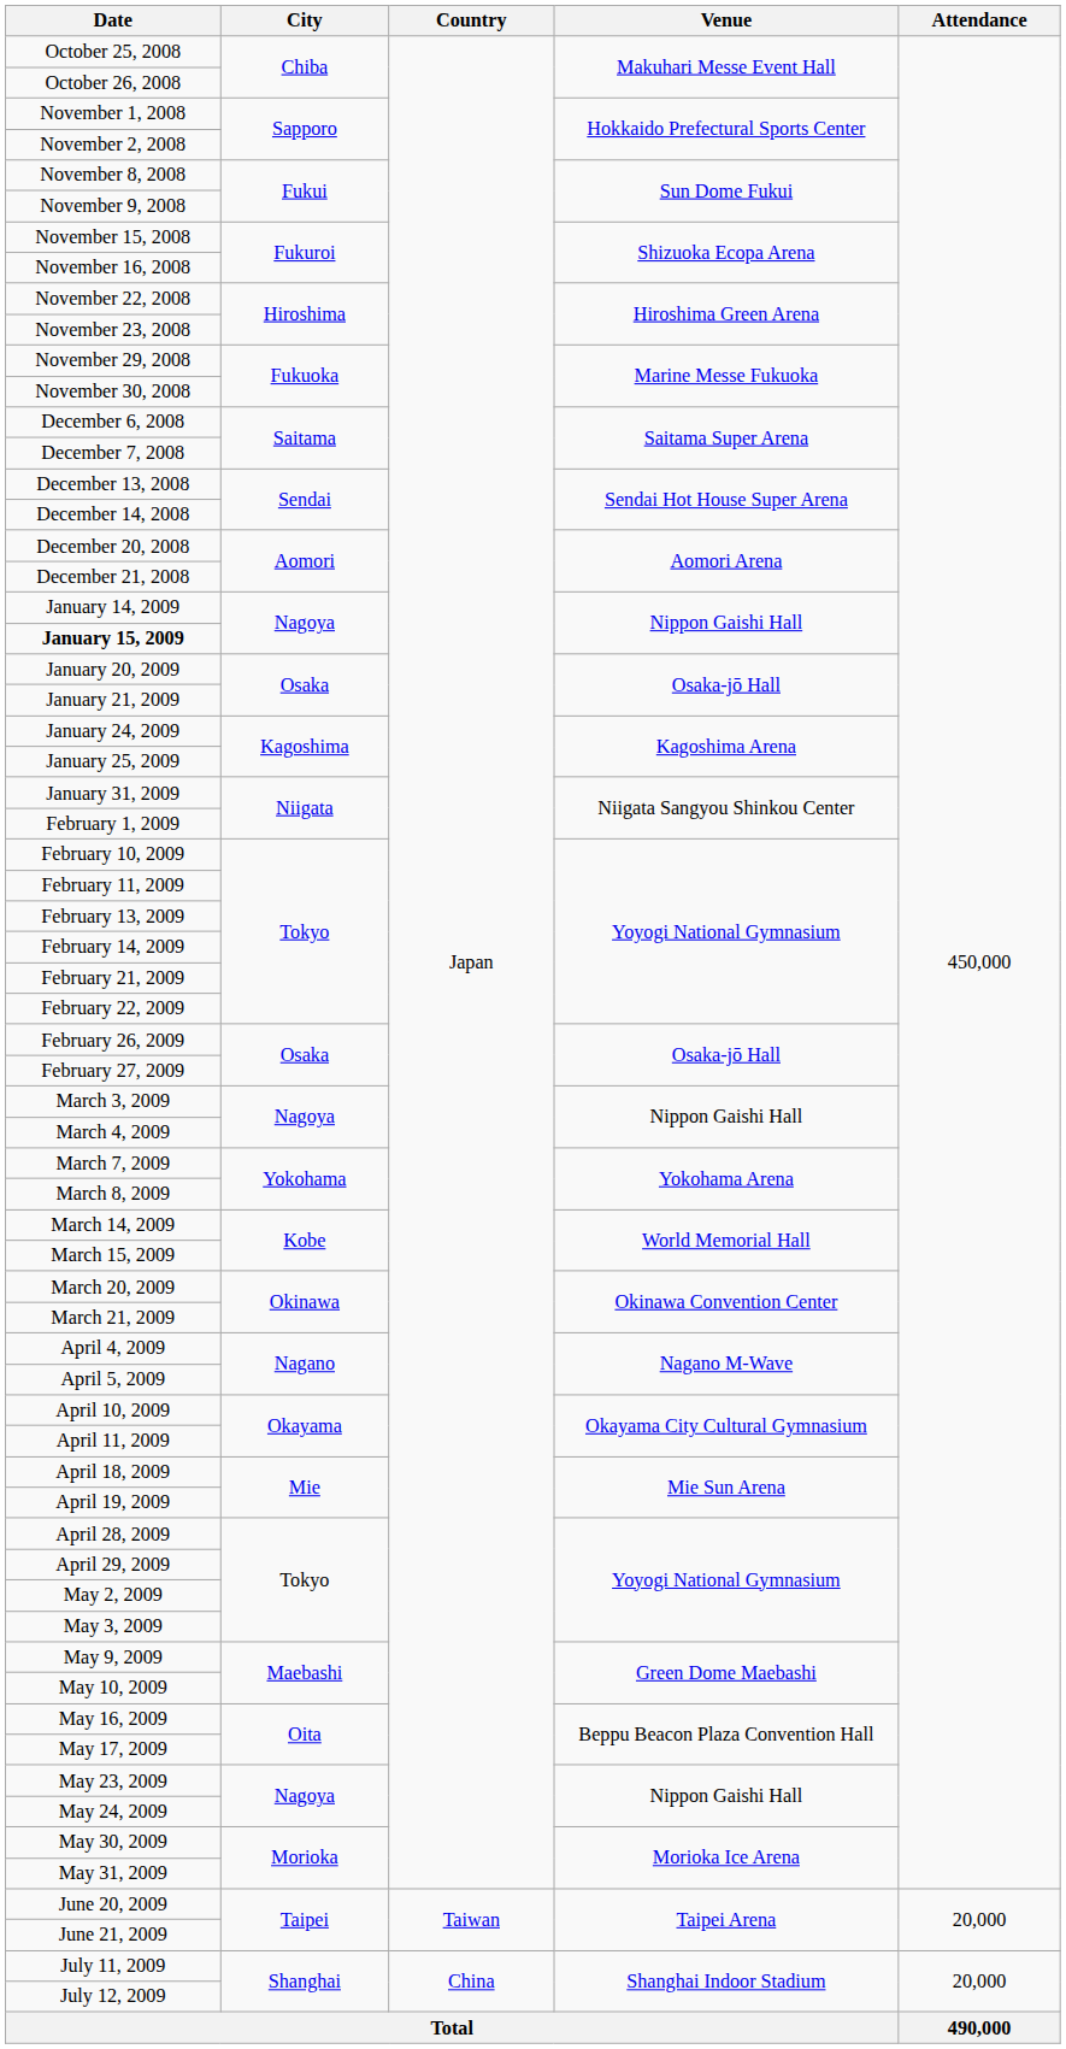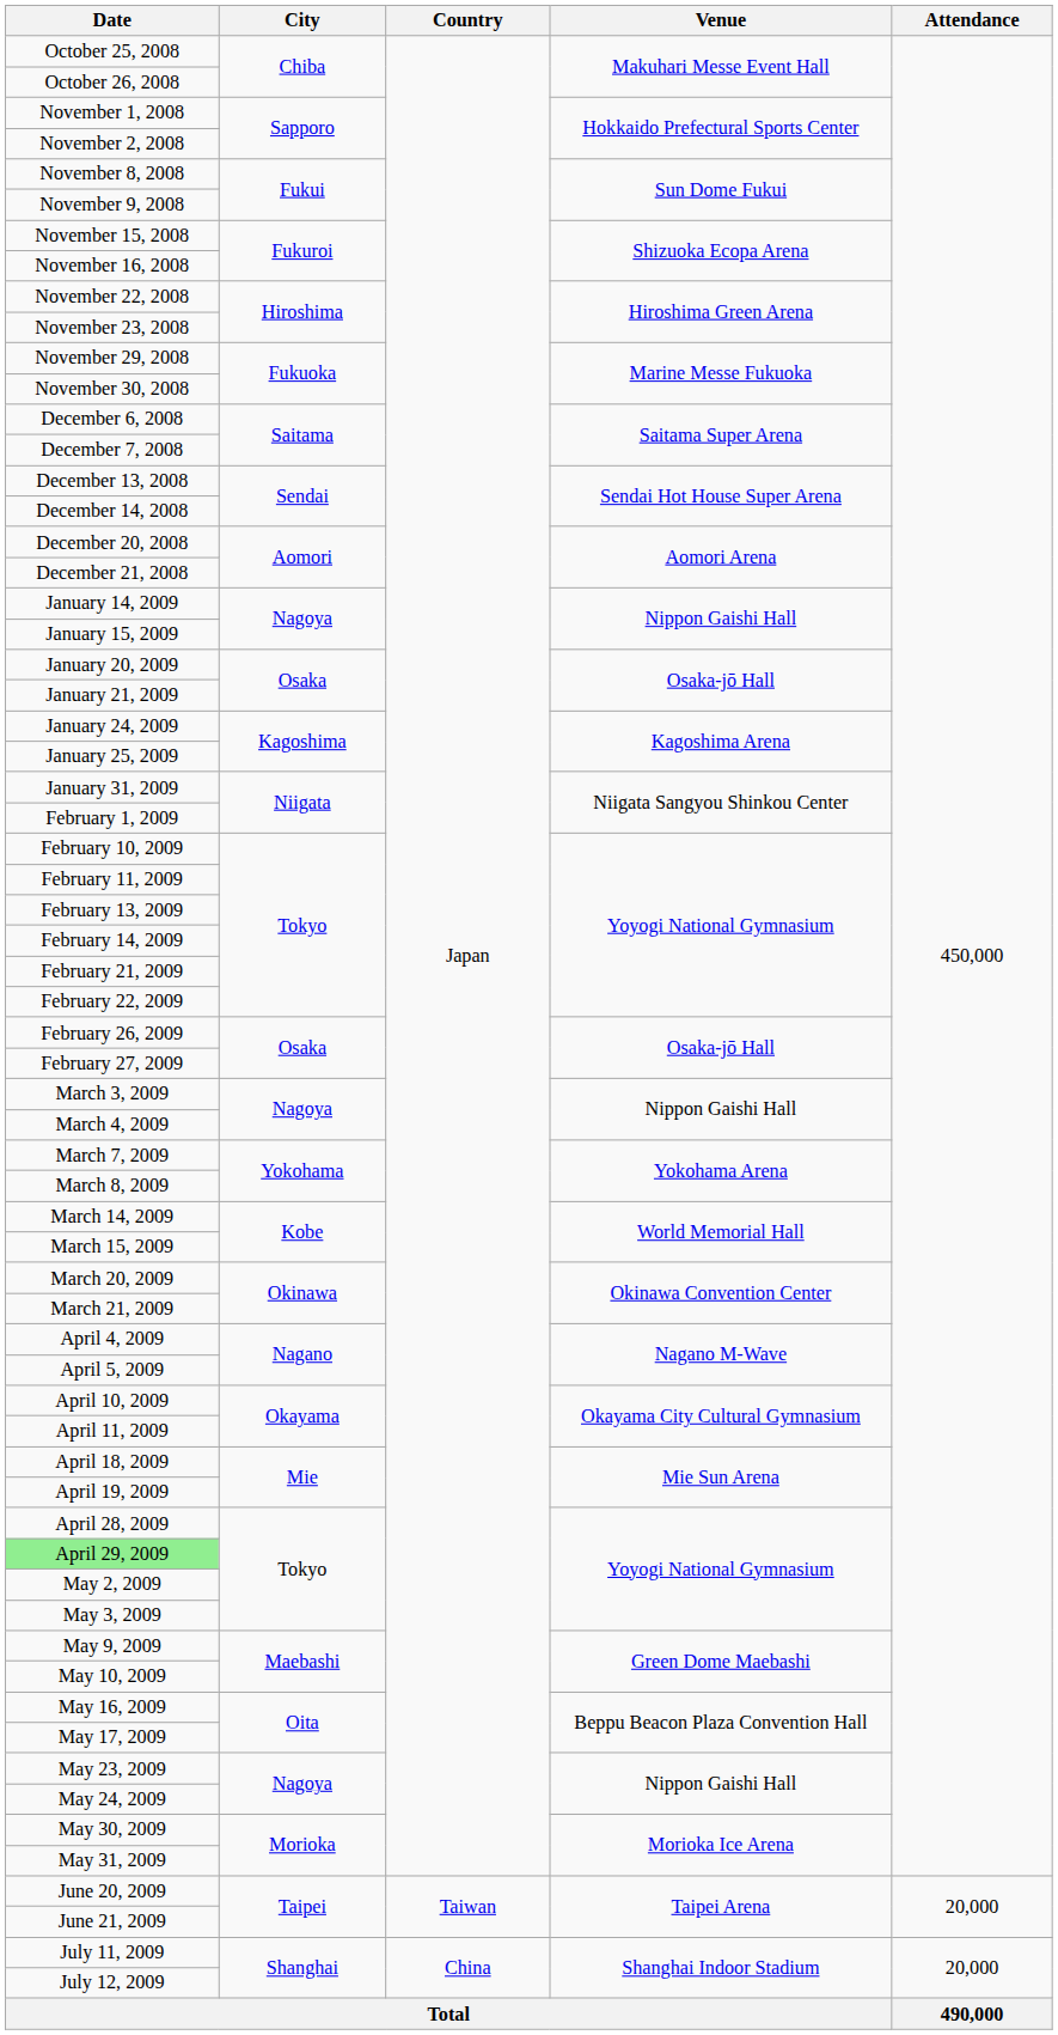 <table class="wikitable" style="text-align:center;">
 <tr>
 <th scope="col" style="width:12em;">Date</th>
 <th scope="col" style="width:9em;">City</th>
 <th scope="col" style="width:9em;">Country</th>
 <th scope="col" style="width:20em;">Venue</th>
 <th scope="col" style="width:8.5em;">Attendance</th>
 </tr>
 <tr>
 <td>October 25, 2008</td>
 <td rowspan="2"><a href='#'>Chiba</a></td>
 <td rowspan="60">Japan</td>
 <td rowspan="2"><a href='#'>Makuhari Messe Event Hall</a></td>
 <td rowspan="60">450,000</td>
 </tr>
 <tr>
 <td>October 26, 2008</td>
 </tr>
 <tr>
 <td>November 1, 2008</td>
 <td rowspan="2"><a href='#'>Sapporo</a></td>
 <td rowspan="2"><a href='#'>Hokkaido Prefectural Sports Center</a></td>
 </tr>
 <tr>
 <td>November 2, 2008</td>
 </tr>
 <tr>
 <td>November 8, 2008</td>
 <td rowspan="2"><a href='#'>Fukui</a></td>
 <td rowspan="2"><a href='#'>Sun Dome Fukui</a></td>
 </tr>
 <tr>
 <td>November 9, 2008</td>
 </tr>
 <tr>
 <td>November 15, 2008</td>
 <td rowspan="2"><a href='#'>Fukuroi</a></td>
 <td rowspan="2"><a href='#'>Shizuoka Ecopa Arena</a></td>
 </tr>
 <tr>
 <td>November 16, 2008</td>
 </tr>
 <tr>
 <td>November 22, 2008</td>
 <td rowspan="2"><a href='#'>Hiroshima</a></td>
 <td rowspan="2"><a href='#'>Hiroshima Green Arena</a></td>
 </tr>
 <tr>
 <td>November 23, 2008</td>
 </tr>
 <tr>
 <td>November 29, 2008</td>
 <td rowspan="2"><a href='#'>Fukuoka</a></td>
 <td rowspan="2"><a href='#'>Marine Messe Fukuoka</a></td>
 </tr>
 <tr>
 <td>November 30, 2008</td>
 </tr>
 <tr>
 <td>December 6, 2008</td>
 <td rowspan="2"><a href='#'>Saitama</a></td>
 <td rowspan="2"><a href='#'>Saitama Super Arena</a></td>
 </tr>
 <tr>
 <td>December 7, 2008</td>
 </tr>
 <tr>
 <td>December 13, 2008</td>
 <td rowspan="2"><a href='#'>Sendai</a></td>
 <td rowspan="2"><a href='#'>Sendai Hot House Super Arena</a></td>
 </tr>
 <tr>
 <td>December 14, 2008</td>
 </tr>
 <tr>
 <td>December 20, 2008</td>
 <td rowspan="2"><a href='#'>Aomori</a></td>
 <td rowspan="2"><a href='#'>Aomori Arena</a></td>
 </tr>
 <tr>
 <td>December 21, 2008</td>
 </tr>
 <tr>
 <td>January 14, 2009</td>
 <td rowspan="2"><a href='#'>Nagoya</a></td>
 <td rowspan="2"><a href='#'>Nippon Gaishi Hall</a></td>
 </tr>
 <tr>
-<td><strong>January 15, 2009</strong></td>
+<td>January 15, 2009</td>
 </tr>
 <tr>
 <td>January 20, 2009</td>
 <td rowspan="2"><a href='#'>Osaka</a></td>
 <td rowspan="2"><a href='#'>Osaka-jō Hall</a></td>
 </tr>
 <tr>
 <td>January 21, 2009</td>
 </tr>
 <tr>
 <td>January 24, 2009</td>
 <td rowspan="2"><a href='#'>Kagoshima</a></td>
 <td rowspan="2"><a href='#'>Kagoshima Arena</a></td>
 </tr>
 <tr>
 <td>January 25, 2009</td>
 </tr>
 <tr>
 <td>January 31, 2009</td>
 <td rowspan="2"><a href='#'>Niigata</a></td>
 <td rowspan="2">Niigata Sangyou Shinkou Center</td>
 </tr>
 <tr>
 <td>February 1, 2009</td>
 </tr>
 <tr>
 <td>February 10, 2009</td>
 <td rowspan="6"><a href='#'>Tokyo</a></td>
 <td rowspan="6"><a href='#'>Yoyogi National Gymnasium</a></td>
 </tr>
 <tr>
 <td>February 11, 2009</td>
 </tr>
 <tr>
 <td>February 13, 2009</td>
 </tr>
 <tr>
 <td>February 14, 2009</td>
 </tr>
 <tr>
 <td>February 21, 2009</td>
 </tr>
 <tr>
 <td>February 22, 2009</td>
 </tr>
 <tr>
 <td>February 26, 2009</td>
 <td rowspan="2"><a href='#'>Osaka</a></td>
 <td rowspan="2"><a href='#'>Osaka-jō Hall</a></td>
 </tr>
 <tr>
 <td>February 27, 2009</td>
 </tr>
 <tr>
 <td>March 3, 2009</td>
 <td rowspan="2"><a href='#'>Nagoya</a></td>
 <td rowspan="2">Nippon Gaishi Hall</td>
 </tr>
 <tr>
 <td>March 4, 2009</td>
 </tr>
 <tr>
 <td>March 7, 2009</td>
 <td rowspan="2"><a href='#'>Yokohama</a></td>
 <td rowspan="2"><a href='#'>Yokohama Arena</a></td>
 </tr>
 <tr>
 <td>March 8, 2009</td>
 </tr>
 <tr>
 <td>March 14, 2009</td>
 <td rowspan="2"><a href='#'>Kobe</a></td>
 <td rowspan="2"><a href='#'>World Memorial Hall</a></td>
 </tr>
 <tr>
 <td>March 15, 2009</td>
 </tr>
 <tr>
 <td>March 20, 2009</td>
 <td rowspan="2"><a href='#'>Okinawa</a></td>
 <td rowspan="2"><a href='#'>Okinawa Convention Center</a></td>
 </tr>
 <tr>
 <td>March 21, 2009</td>
 </tr>
 <tr>
 <td>April 4, 2009</td>
 <td rowspan="2"><a href='#'>Nagano</a></td>
 <td rowspan="2"><a href='#'>Nagano M-Wave</a></td>
 </tr>
 <tr>
 <td>April 5, 2009</td>
 </tr>
 <tr>
 <td>April 10, 2009</td>
 <td rowspan="2"><a href='#'>Okayama</a></td>
 <td rowspan="2"><a href='#'>Okayama City Cultural Gymnasium</a></td>
 </tr>
 <tr>
 <td>April 11, 2009</td>
 </tr>
 <tr>
 <td>April 18, 2009</td>
 <td rowspan="2"><a href='#'>Mie</a></td>
 <td rowspan="2"><a href='#'>Mie Sun Arena</a></td>
 </tr>
 <tr>
 <td>April 19, 2009</td>
 </tr>
 <tr>
 <td>April 28, 2009</td>
 <td rowspan="4">Tokyo</td>
 <td rowspan="4"><a href='#'>Yoyogi National Gymnasium</a></td>
 </tr>
 <tr>
-<td>April 29, 2009</td>
+<td style="background: lightgreen;">April 29, 2009</td>
 </tr>
 <tr>
 <td>May 2, 2009</td>
 </tr>
 <tr>
 <td>May 3, 2009</td>
 </tr>
 <tr>
 <td>May 9, 2009</td>
 <td rowspan="2"><a href='#'>Maebashi</a></td>
 <td rowspan="2"><a href='#'>Green Dome Maebashi</a></td>
 </tr>
 <tr>
 <td>May 10, 2009</td>
 </tr>
 <tr>
 <td>May 16, 2009</td>
 <td rowspan="2"><a href='#'>Oita</a></td>
 <td rowspan="2">Beppu Beacon Plaza Convention Hall</td>
 </tr>
 <tr>
 <td>May 17, 2009</td>
 </tr>
 <tr>
 <td>May 23, 2009</td>
 <td rowspan="2"><a href='#'>Nagoya</a></td>
 <td rowspan="2">Nippon Gaishi Hall</td>
 </tr>
 <tr>
 <td>May 24, 2009</td>
 </tr>
 <tr>
 <td>May 30, 2009</td>
 <td rowspan="2"><a href='#'>Morioka</a></td>
 <td rowspan="2"><a href='#'>Morioka Ice Arena</a></td>
 </tr>
 <tr>
 <td>May 31, 2009</td>
 </tr>
 <tr>
 <td>June 20, 2009</td>
 <td rowspan="2"><a href='#'>Taipei</a></td>
 <td rowspan="2"><a href='#'>Taiwan</a></td>
 <td rowspan="2"><a href='#'>Taipei Arena</a></td>
 <td rowspan="2">20,000</td>
 </tr>
 <tr>
 <td>June 21, 2009</td>
 </tr>
 <tr>
 <td>July 11, 2009</td>
 <td rowspan="2"><a href='#'>Shanghai</a></td>
 <td rowspan="2"><a href='#'>China</a></td>
 <td rowspan="2"><a href='#'>Shanghai Indoor Stadium</a></td>
 <td rowspan="2">20,000</td>
 </tr>
 <tr>
 <td>July 12, 2009</td>
 </tr>
 <tr>
 <th colspan="4">Total</th>
 <th>490,000</th>
 </tr>
 </table>
